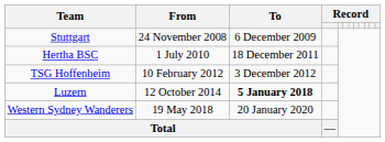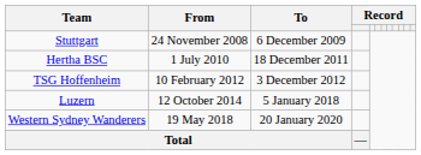 <table class="wikitable" style="text-align: center">
 <tr>
 <th rowspan="2">Team</th>
 <th rowspan="2">From</th>
 <th rowspan="2">To</th>
 <th colspan="9">Record</th>
 </tr>
 <tr>
 <th></th>
 <th></th>
 <th></th>
 <th></th>
 <th></th>
 <th></th>
 <th></th>
 <th></th>
 <th></th>
 </tr>
 <tr>
 <td><a href='#'>Stuttgart</a></td>
 <td>24 November 2008</td>
 <td>6 December 2009<br></td>
 <td></td>
 </tr>
 <tr>
 <td><a href='#'>Hertha BSC</a></td>
 <td>1 July 2010</td>
 <td>18 December 2011<br></td>
 <td></td>
 </tr>
 <tr>
 <td><a href='#'>TSG Hoffenheim</a></td>
 <td>10 February 2012</td>
 <td>3 December 2012<br></td>
 <td></td>
 </tr>
 <tr>
 <td><a href='#'>Luzern</a></td>
 <td>12 October 2014</td>
-<td><strong>5 January 2018<br></strong></td>
+<td>5 January 2018<br></td>
 <td></td>
 </tr>
 <tr>
 <td><a href='#'>Western Sydney Wanderers</a></td>
 <td>19 May 2018</td>
 <td>20 January 2020<br></td>
 <td></td>
 </tr>
 <tr>
 <th colspan="3">Total<br></th>
 <th>—</th>
 </tr>
 </table>
